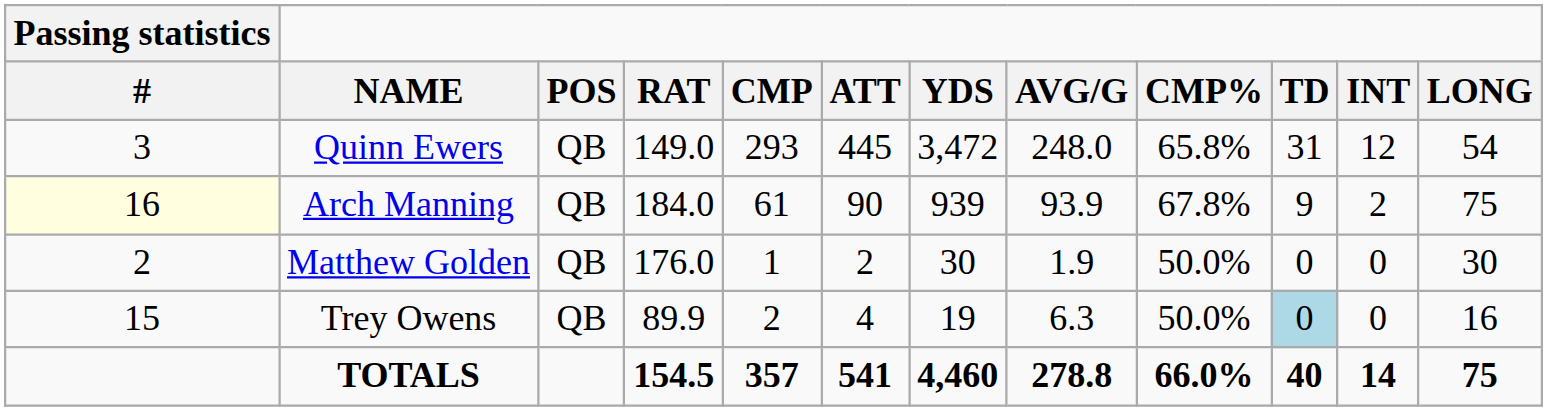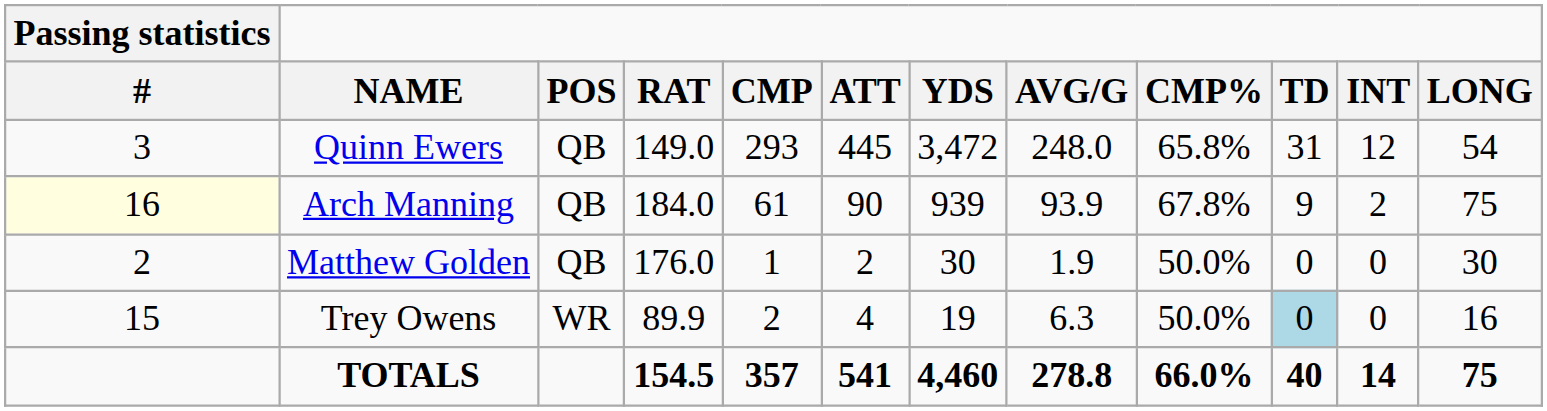 <table class="wikitable">
 <tr>
 <th style="text-align:center; ">Passing statistics</th>
 </tr>
 <tr>
 <th>#</th>
 <th>NAME</th>
 <th>POS</th>
 <th>RAT</th>
 <th>CMP</th>
 <th>ATT</th>
 <th>YDS</th>
 <th>AVG/G</th>
 <th>CMP%</th>
 <th>TD</th>
 <th>INT</th>
 <th>LONG</th>
 </tr>
 <tr style="text-align:center">
 <td>3</td>
 <td><a href='#'>Quinn Ewers</a></td>
 <td>QB</td>
 <td>149.0</td>
 <td>293</td>
 <td>445</td>
 <td>3,472</td>
 <td>248.0</td>
 <td>65.8%</td>
 <td>31</td>
 <td>12</td>
 <td>54</td>
 </tr>
 <tr style="text-align:center">
 <td style="background: lightyellow;">16</td>
 <td><a href='#'>Arch Manning</a></td>
 <td>QB</td>
 <td>184.0</td>
 <td>61</td>
 <td>90</td>
 <td>939</td>
 <td>93.9</td>
 <td>67.8%</td>
 <td>9</td>
 <td>2</td>
 <td>75</td>
 </tr>
 <tr style="text-align:center">
 <td>2</td>
 <td><a href='#'>Matthew Golden</a></td>
 <td>QB</td>
 <td>176.0</td>
 <td>1</td>
 <td>2</td>
 <td>30</td>
 <td>1.9</td>
 <td>50.0%</td>
 <td>0</td>
 <td>0</td>
 <td>30</td>
 </tr>
 <tr style="text-align:center">
 <td>15</td>
 <td>Trey Owens</td>
-<td>QB</td>
+<td>WR</td>
 <td>89.9</td>
 <td>2</td>
 <td>4</td>
 <td>19</td>
 <td>6.3</td>
 <td>50.0%</td>
 <td style="background: lightblue;">0</td>
 <td>0</td>
 <td>16</td>
 </tr>
 <tr style="text-align:center">
 <td></td>
 <td><strong>TOTALS</strong></td>
 <td></td>
 <td><strong>154.5</strong></td>
 <td><strong>357</strong></td>
 <td><strong>541</strong></td>
 <td><strong>4,460</strong></td>
 <td><strong>278.8</strong></td>
 <td><strong>66.0%</strong></td>
 <td><strong>40</strong></td>
 <td><strong>14</strong></td>
 <td><strong>75</strong></td>
 </tr>
 </table>
